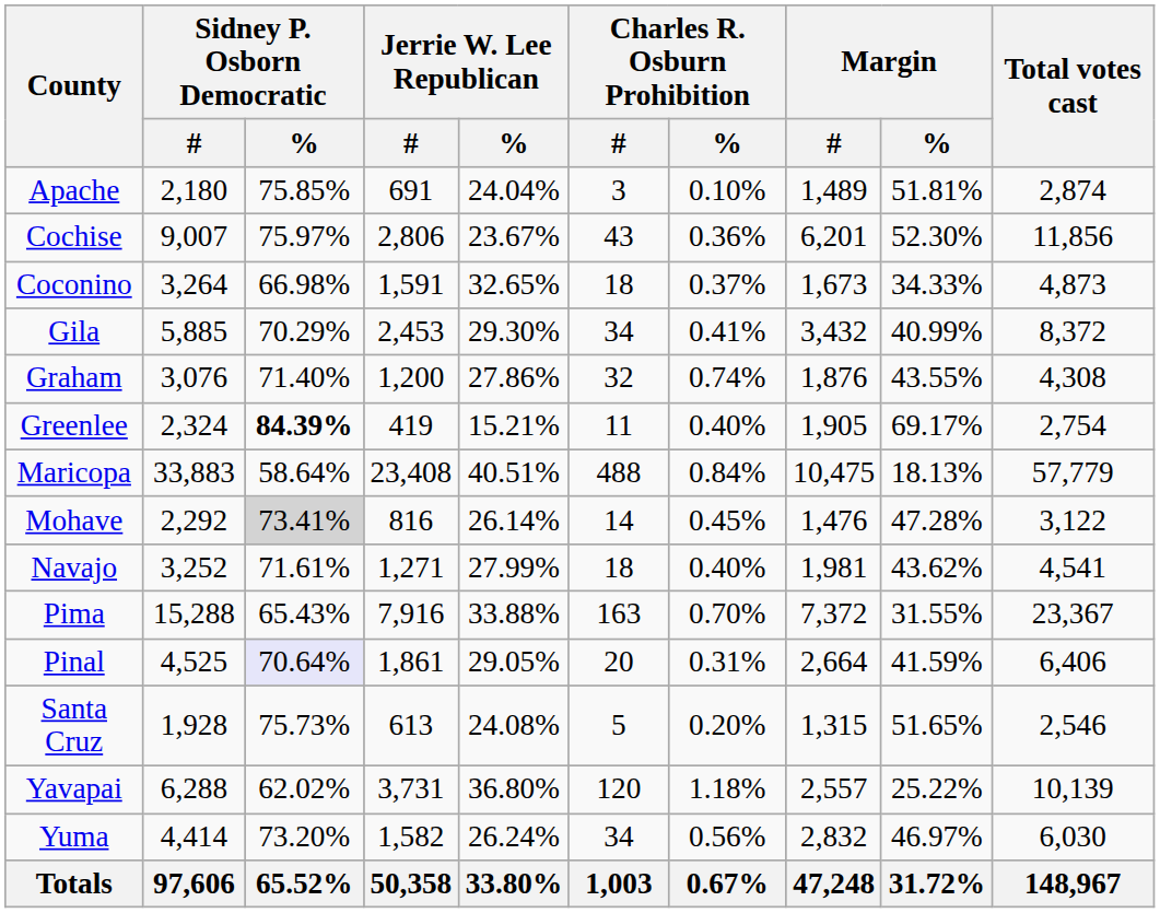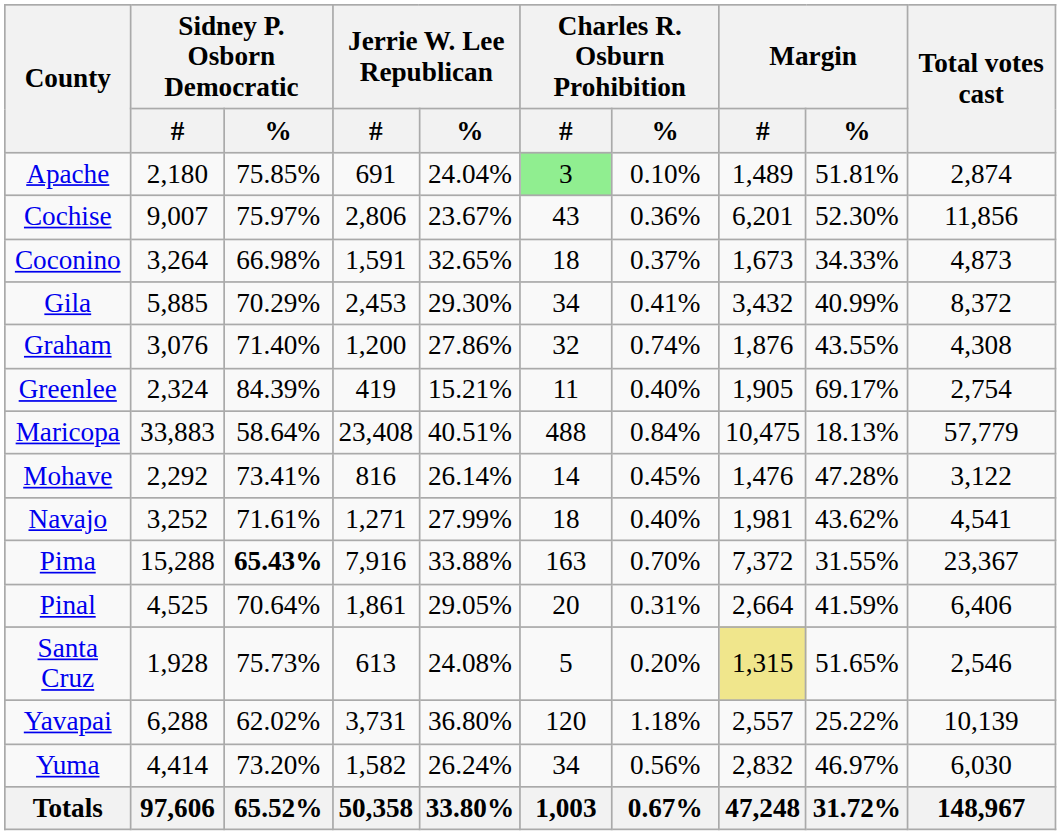 <table width="70%" class="wikitable sortable" style="text-align:center">
 <tr>
 <th rowspan="2">County</th>
 <th style="text-align:center;" colspan="2">Sidney P. Osborn<br>Democratic</th>
 <th style="text-align:center;" colspan="2">Jerrie W. Lee<br>Republican</th>
 <th style="text-align:center;" colspan="2">Charles R. Osburn<br>Prohibition</th>
 <th style="text-align:center;" colspan="2">Margin</th>
 <th style="text-align:center;" rowspan="2">Total votes cast</th>
 </tr>
 <tr>
 <th style="text-align:center;" data-sort-type="number">#</th>
 <th style="text-align:center;" data-sort-type="number">%</th>
 <th style="text-align:center;" data-sort-type="number">#</th>
 <th style="text-align:center;" data-sort-type="number">%</th>
 <th style="text-align:center;" data-sort-type="number">#</th>
 <th style="text-align:center;" data-sort-type="number">%</th>
 <th style="text-align:center;" data-sort-type="number">#</th>
 <th style="text-align:center;" data-sort-type="number">%</th>
 </tr>
 <tr style="text-align:center;">
 <td><a href='#'>Apache</a></td>
 <td>2,180</td>
 <td>75.85%</td>
 <td>691</td>
 <td>24.04%</td>
-<td>3</td>
+<td style="background: lightgreen;">3</td>
 <td>0.10%</td>
 <td>1,489</td>
 <td>51.81%</td>
 <td>2,874</td>
 </tr>
 <tr style="text-align:center;">
 <td><a href='#'>Cochise</a></td>
 <td>9,007</td>
 <td>75.97%</td>
 <td>2,806</td>
 <td>23.67%</td>
 <td>43</td>
 <td>0.36%</td>
 <td>6,201</td>
 <td>52.30%</td>
 <td>11,856</td>
 </tr>
 <tr style="text-align:center;">
 <td><a href='#'>Coconino</a></td>
 <td>3,264</td>
 <td>66.98%</td>
 <td>1,591</td>
 <td>32.65%</td>
 <td>18</td>
 <td>0.37%</td>
 <td>1,673</td>
 <td>34.33%</td>
 <td>4,873</td>
 </tr>
 <tr style="text-align:center;">
 <td><a href='#'>Gila</a></td>
 <td>5,885</td>
 <td>70.29%</td>
 <td>2,453</td>
 <td>29.30%</td>
 <td>34</td>
 <td>0.41%</td>
 <td>3,432</td>
 <td>40.99%</td>
 <td>8,372</td>
 </tr>
 <tr style="text-align:center;">
 <td><a href='#'>Graham</a></td>
 <td>3,076</td>
 <td>71.40%</td>
 <td>1,200</td>
 <td>27.86%</td>
 <td>32</td>
 <td>0.74%</td>
 <td>1,876</td>
 <td>43.55%</td>
 <td>4,308</td>
 </tr>
 <tr style="text-align:center;">
 <td><a href='#'>Greenlee</a></td>
 <td>2,324</td>
-<td><strong>84.39%</strong></td>
+<td>84.39%</td>
 <td>419</td>
 <td>15.21%</td>
 <td>11</td>
 <td>0.40%</td>
 <td>1,905</td>
 <td>69.17%</td>
 <td>2,754</td>
 </tr>
 <tr style="text-align:center;">
 <td><a href='#'>Maricopa</a></td>
 <td>33,883</td>
 <td>58.64%</td>
 <td>23,408</td>
 <td>40.51%</td>
 <td>488</td>
 <td>0.84%</td>
 <td>10,475</td>
 <td>18.13%</td>
 <td>57,779</td>
 </tr>
 <tr style="text-align:center;">
 <td><a href='#'>Mohave</a></td>
 <td>2,292</td>
-<td style="background: lightgrey;">73.41%</td>
+<td>73.41%</td>
 <td>816</td>
 <td>26.14%</td>
 <td>14</td>
 <td>0.45%</td>
 <td>1,476</td>
 <td>47.28%</td>
 <td>3,122</td>
 </tr>
 <tr style="text-align:center;">
 <td><a href='#'>Navajo</a></td>
 <td>3,252</td>
 <td>71.61%</td>
 <td>1,271</td>
 <td>27.99%</td>
 <td>18</td>
 <td>0.40%</td>
 <td>1,981</td>
 <td>43.62%</td>
 <td>4,541</td>
 </tr>
 <tr style="text-align:center;">
 <td><a href='#'>Pima</a></td>
 <td>15,288</td>
-<td>65.43%</td>
+<td><strong>65.43%</strong></td>
 <td>7,916</td>
 <td>33.88%</td>
 <td>163</td>
 <td>0.70%</td>
 <td>7,372</td>
 <td>31.55%</td>
 <td>23,367</td>
 </tr>
 <tr style="text-align:center;">
 <td><a href='#'>Pinal</a></td>
 <td>4,525</td>
-<td style="background: lavender;">70.64%</td>
+<td>70.64%</td>
 <td>1,861</td>
 <td>29.05%</td>
 <td>20</td>
 <td>0.31%</td>
 <td>2,664</td>
 <td>41.59%</td>
 <td>6,406</td>
 </tr>
 <tr style="text-align:center;">
 <td><a href='#'>Santa Cruz</a></td>
 <td>1,928</td>
 <td>75.73%</td>
 <td>613</td>
 <td>24.08%</td>
 <td>5</td>
 <td>0.20%</td>
-<td>1,315</td>
+<td style="background: khaki;">1,315</td>
 <td>51.65%</td>
 <td>2,546</td>
 </tr>
 <tr style="text-align:center;">
 <td><a href='#'>Yavapai</a></td>
 <td>6,288</td>
 <td>62.02%</td>
 <td>3,731</td>
 <td>36.80%</td>
 <td>120</td>
 <td>1.18%</td>
 <td>2,557</td>
 <td>25.22%</td>
 <td>10,139</td>
 </tr>
 <tr style="text-align:center;">
 <td><a href='#'>Yuma</a></td>
 <td>4,414</td>
 <td>73.20%</td>
 <td>1,582</td>
 <td>26.24%</td>
 <td>34</td>
 <td>0.56%</td>
 <td>2,832</td>
 <td>46.97%</td>
 <td>6,030</td>
 </tr>
 <tr style="text-align:center;">
 <th>Totals</th>
 <th>97,606</th>
 <th>65.52%</th>
 <th>50,358</th>
 <th>33.80%</th>
 <th>1,003</th>
 <th>0.67%</th>
 <th>47,248</th>
 <th>31.72%</th>
 <th>148,967</th>
 </tr>
 </table>
